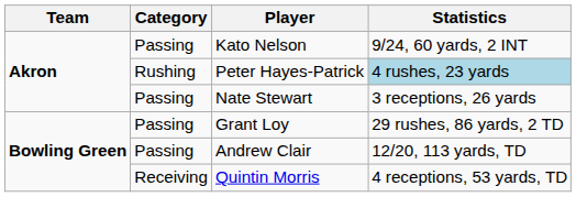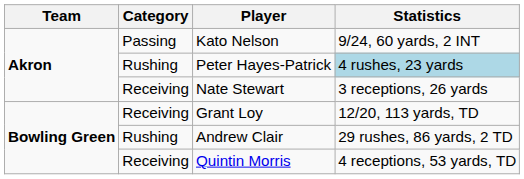 <table class="wikitable" style="float: left;">
 <tr>
 <th>Team</th>
 <th>Category</th>
 <th>Player</th>
 <th>Statistics</th>
 </tr>
 <tr>
 <td rowspan=3><strong>Akron</strong></td>
 <td>Passing</td>
 <td>Kato Nelson</td>
 <td>9/24, 60 yards, 2 INT</td>
 </tr>
 <tr>
 <td>Rushing</td>
 <td>Peter Hayes-Patrick</td>
 <td style="background: lightblue;">4 rushes, 23 yards</td>
 </tr>
 <tr>
-<td>Passing</td>
+<td>Receiving</td>
 <td>Nate Stewart</td>
 <td>3 receptions, 26 yards</td>
 </tr>
 <tr>
 <td rowspan=3><strong>Bowling Green</strong></td>
-<td>Passing</td>
+<td>Receiving</td>
 <td>Grant Loy</td>
-<td>29 rushes, 86 yards, 2 TD</td>
+<td>12/20, 113 yards, TD</td>
 </tr>
 <tr>
-<td>Passing</td>
+<td>Rushing</td>
 <td>Andrew Clair</td>
-<td>12/20, 113 yards, TD</td>
+<td>29 rushes, 86 yards, 2 TD</td>
 </tr>
 <tr>
 <td>Receiving</td>
 <td><a href='#'>Quintin Morris</a></td>
 <td>4 receptions, 53 yards, TD</td>
 </tr>
 </table>
